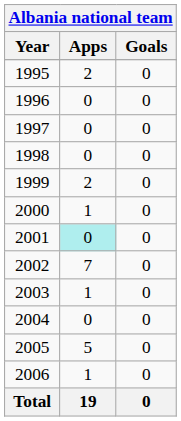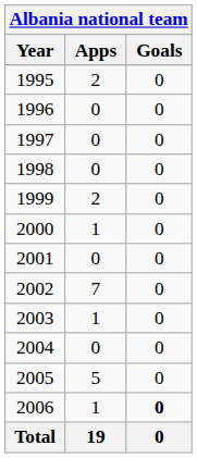 <table class="wikitable" style="text-align:center">
 <tr>
 <th colspan=3><a href='#'>Albania national team</a></th>
 </tr>
 <tr>
 <th>Year</th>
 <th>Apps</th>
 <th>Goals</th>
 </tr>
 <tr>
 </tr>
 <tr>
 <td>1995</td>
 <td>2</td>
 <td>0</td>
 </tr>
 <tr>
 <td>1996</td>
 <td>0</td>
 <td>0</td>
 </tr>
 <tr>
 <td>1997</td>
 <td>0</td>
 <td>0</td>
 </tr>
 <tr>
 <td>1998</td>
 <td>0</td>
 <td>0</td>
 </tr>
 <tr>
 <td>1999</td>
 <td>2</td>
 <td>0</td>
 </tr>
 <tr>
 <td>2000</td>
 <td>1</td>
 <td>0</td>
 </tr>
 <tr>
 <td>2001</td>
-<td style="background: paleturquoise;">0</td>
+<td>0</td>
 <td>0</td>
 </tr>
 <tr>
 <td>2002</td>
 <td>7</td>
 <td>0</td>
 </tr>
 <tr>
 <td>2003</td>
 <td>1</td>
 <td>0</td>
 </tr>
 <tr>
 <td>2004</td>
 <td>0</td>
 <td>0</td>
 </tr>
 <tr>
 <td>2005</td>
 <td>5</td>
 <td>0</td>
 </tr>
 <tr>
 <td>2006</td>
 <td>1</td>
-<td>0</td>
+<td><strong>0</strong></td>
 </tr>
 <tr>
 <th>Total</th>
 <th>19</th>
 <th>0</th>
 </tr>
 </table>
